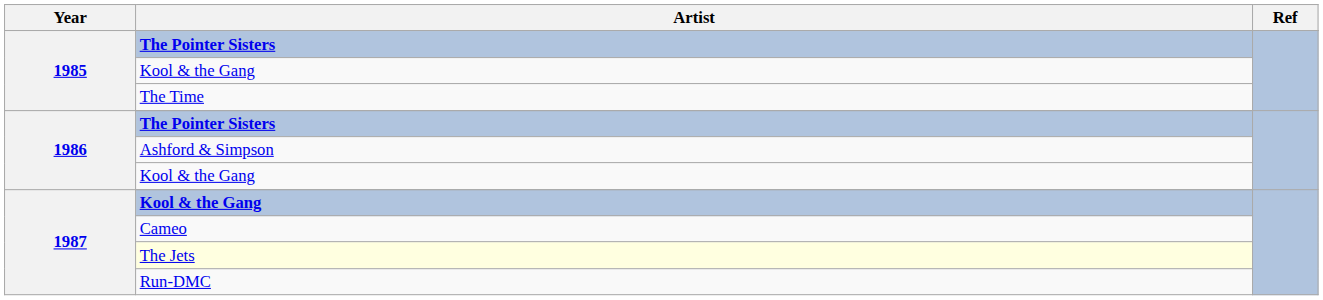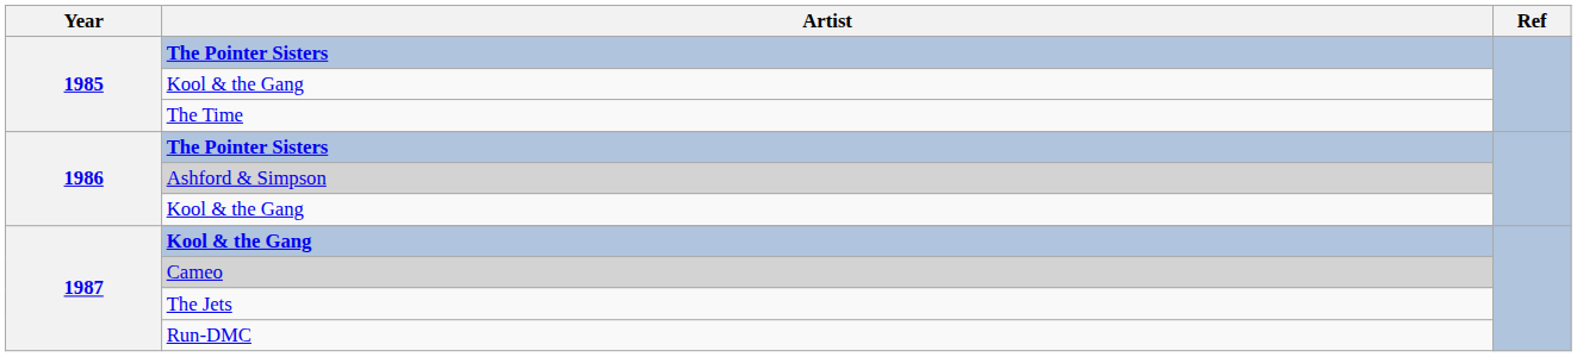 <table class="wikitable" width="100%">
 <tr>
 <th width="10%">Year</th>
 <th width="85%">Artist</th>
 <th width="5%">Ref</th>
 </tr>
 <tr>
 <th rowspan="4" align="center"><a href='#'>1985<br></a></th>
 </tr>
 <tr style="background:#B0C4DE">
 <td><strong><a href='#'>The Pointer Sisters</a></strong></td>
 <td rowspan="4" align="center"></td>
 </tr>
 <tr>
 <td><a href='#'>Kool & the Gang</a></td>
 </tr>
 <tr>
 <td><a href='#'>The Time</a></td>
 </tr>
 <tr>
 <th rowspan="4" align="center"><a href='#'>1986<br></a></th>
 </tr>
 <tr style="background:#B0C4DE">
 <td><strong><a href='#'>The Pointer Sisters</a></strong></td>
 <td rowspan="4" align="center"></td>
 </tr>
 <tr>
-<td><a href='#'>Ashford & Simpson</a></td>
+<td style="background: lightgrey;"><a href='#'>Ashford & Simpson</a></td>
 </tr>
 <tr>
 <td><a href='#'>Kool & the Gang</a></td>
 </tr>
 <tr>
 <th rowspan="5" align="center"><a href='#'>1987<br></a></th>
 </tr>
 <tr style="background:#B0C4DE">
 <td><strong><a href='#'>Kool & the Gang</a></strong></td>
 <td rowspan="5" align="center"></td>
 </tr>
 <tr>
-<td><a href='#'>Cameo</a></td>
+<td style="background: lightgrey;"><a href='#'>Cameo</a></td>
 </tr>
 <tr>
-<td style="background: lightyellow;"><a href='#'>The Jets</a></td>
+<td><a href='#'>The Jets</a></td>
 </tr>
 <tr>
 <td><a href='#'>Run-DMC</a></td>
 </tr>
 </table>
